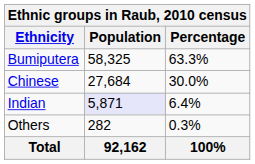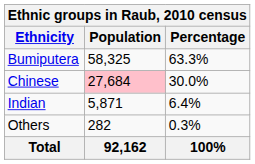 <table class="wikitable">
 <tr>
 <th style="text-align:center;" colspan="3">Ethnic groups in Raub, 2010 census</th>
 </tr>
 <tr>
 <th><a href='#'>Ethnicity</a></th>
 <th>Population</th>
 <th>Percentage</th>
 </tr>
 <tr>
 <td><a href='#'>Bumiputera</a></td>
 <td>58,325</td>
 <td>63.3%</td>
 </tr>
 <tr>
 <td><a href='#'>Chinese</a></td>
-<td>27,684</td>
+<td style="background: pink;">27,684</td>
 <td>30.0%</td>
 </tr>
 <tr>
 <td><a href='#'>Indian</a></td>
-<td style="background: lavender;">5,871</td>
+<td>5,871</td>
 <td>6.4%</td>
 </tr>
 <tr>
 <td>Others</td>
 <td>282</td>
 <td>0.3%</td>
 </tr>
 <tr>
 <th>Total</th>
 <th>92,162</th>
 <th>100%</th>
 </tr>
 </table>
